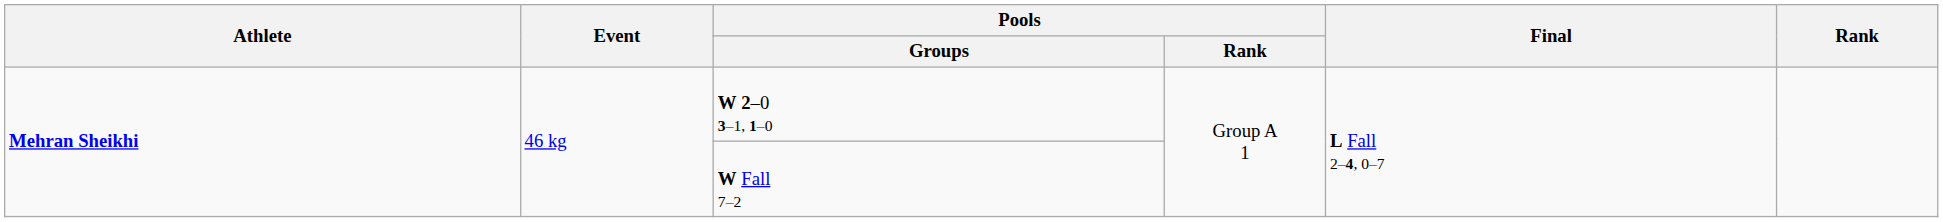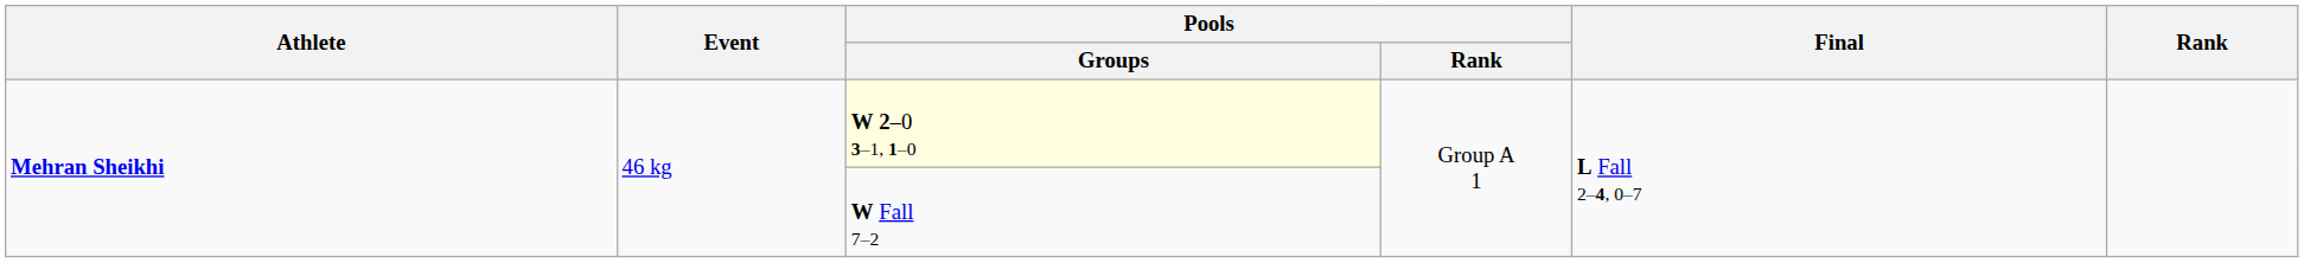 <table class="wikitable" width="75%" style="text-align:left; font-size:90%">
 <tr>
 <th rowspan="2" width="16%">Athlete</th>
 <th rowspan="2" width="6%">Event</th>
 <th colspan="2">Pools</th>
 <th rowspan="2" width="14%">Final</th>
 <th rowspan="2" width="5%">Rank</th>
 </tr>
 <tr>
 <th width="14%">Groups</th>
 <th width="5%">Rank</th>
 </tr>
 <tr>
 <td rowspan="2"><strong><a href='#'>Mehran Sheikhi</a></strong></td>
 <td rowspan="2"><a href='#'>46 kg</a></td>
-<td><br><strong>W</strong> <strong>2</strong>–0<br><small><strong>3</strong>–1, <strong>1</strong>–0</small></td>
+<td style="background: lightyellow;"><br><strong>W</strong> <strong>2</strong>–0<br><small><strong>3</strong>–1, <strong>1</strong>–0</small></td>
 <td rowspan="2" align=center>Group A<br>1 <strong></strong></td>
 <td rowspan="2"><br><strong>L</strong> <a href='#'>Fall</a><br><small>2–<strong>4</strong>, 0–7</small></td>
 <td rowspan="2" align="center"></td>
 </tr>
 <tr>
 <td><br><strong>W</strong> <a href='#'>Fall</a><br><small>7–2</small></td>
 </tr>
 </table>
